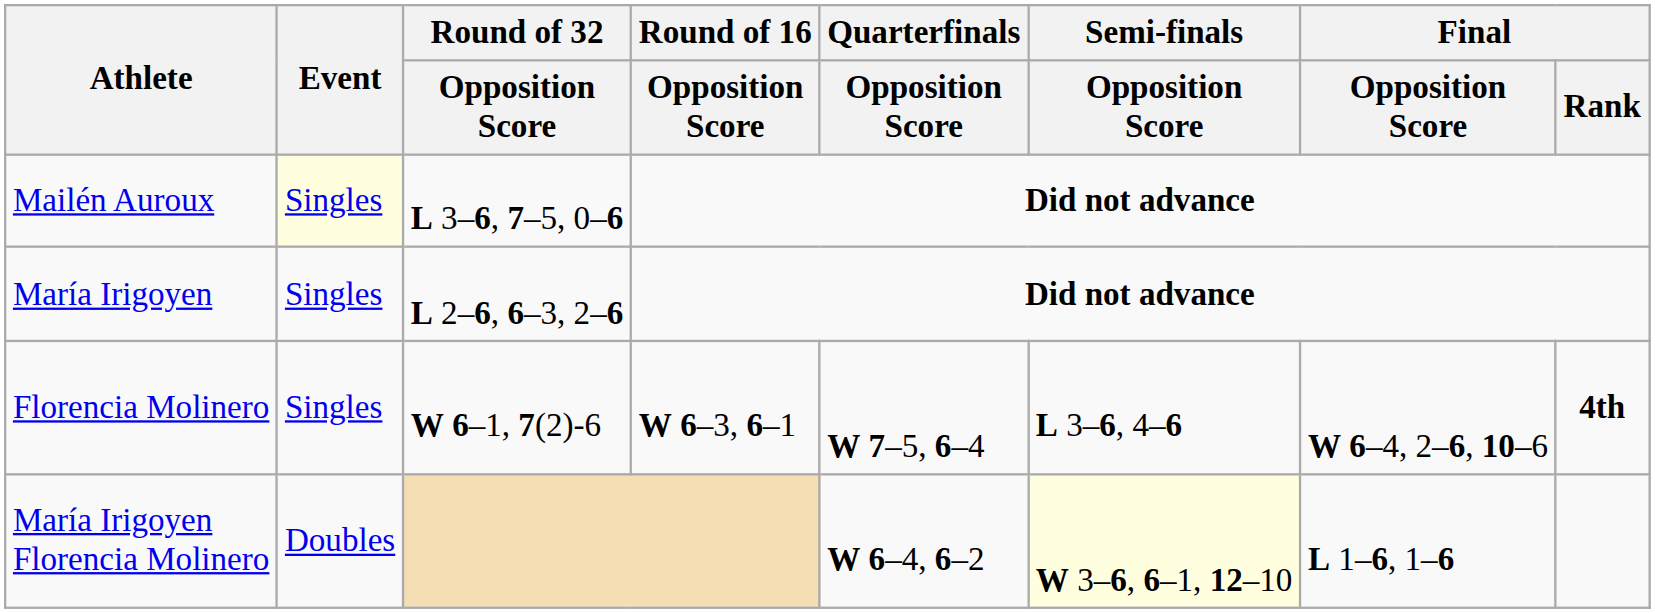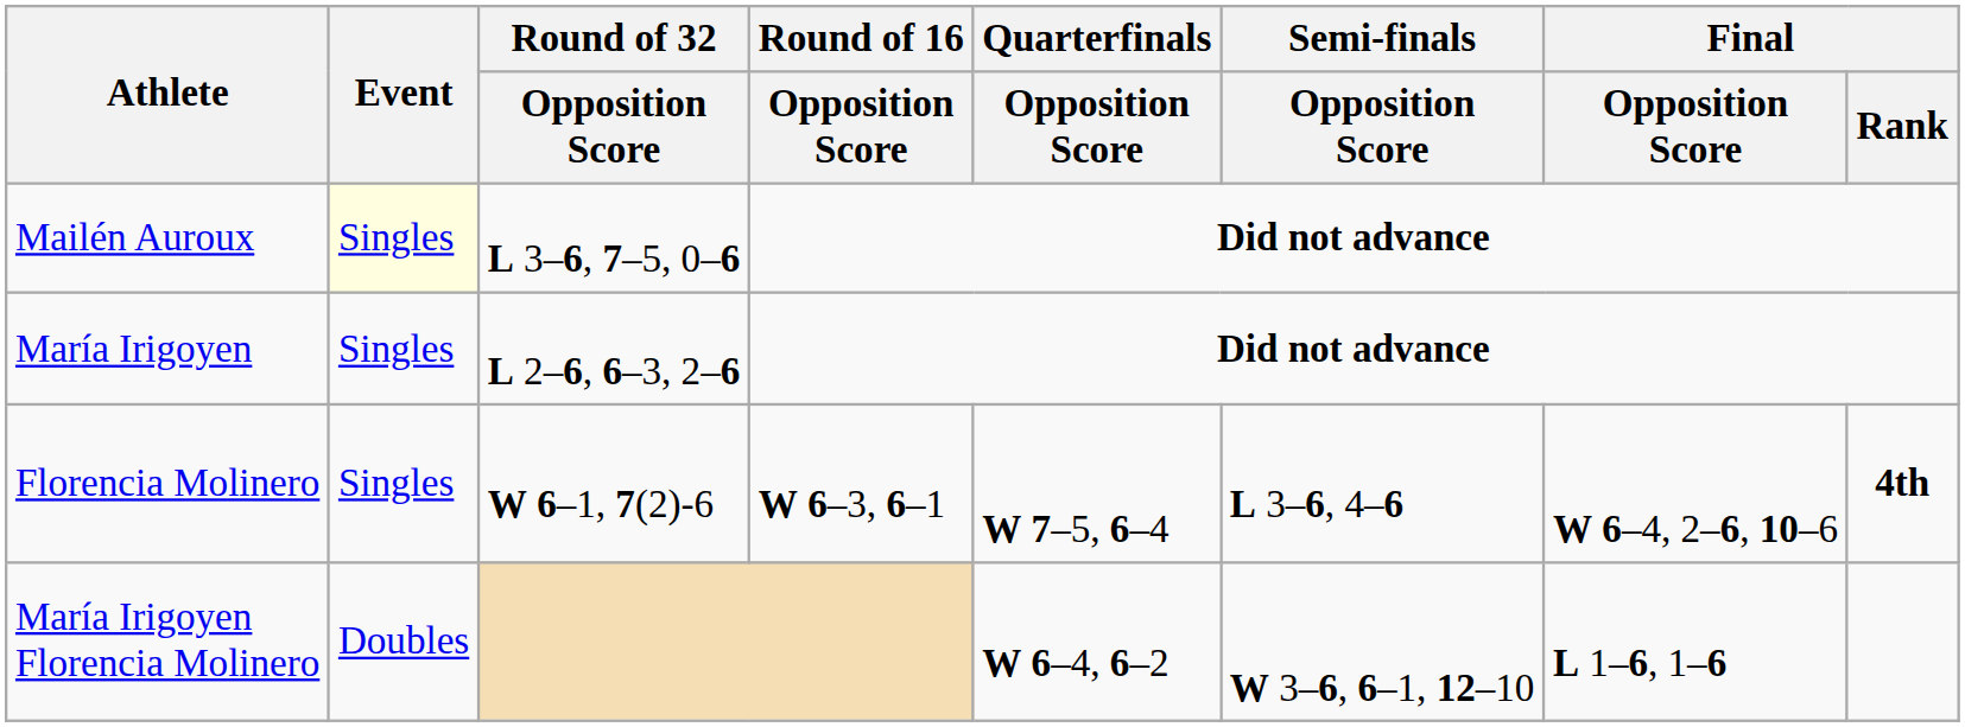 <table class="wikitable" border="1" style="font-size:90%">
 <tr>
 <th rowspan=2>Athlete</th>
 <th rowspan=2>Event</th>
 <th>Round of 32</th>
 <th>Round of 16</th>
 <th>Quarterfinals</th>
 <th>Semi-finals</th>
 <th colspan=2>Final</th>
 </tr>
 <tr>
 <th>Opposition<br>Score</th>
 <th>Opposition<br>Score</th>
 <th>Opposition<br>Score</th>
 <th>Opposition<br>Score</th>
 <th>Opposition<br>Score</th>
 <th>Rank</th>
 </tr>
 <tr>
 <td><a href='#'>Mailén Auroux</a></td>
 <td style="background: lightyellow;"><a href='#'>Singles</a></td>
 <td><br><strong>L</strong> 3–<strong>6</strong>, <strong>7</strong>–5, 0–<strong>6</strong></td>
 <td align="center" colspan="7"><strong>Did not advance</strong></td>
 </tr>
 <tr>
 <td><a href='#'>María Irigoyen</a></td>
 <td><a href='#'>Singles</a></td>
 <td><br><strong>L</strong> 2–<strong>6</strong>, <strong>6</strong>–3, 2–<strong>6</strong></td>
 <td align="center" colspan="7"><strong>Did not advance</strong></td>
 </tr>
 <tr>
 <td><a href='#'>Florencia Molinero</a></td>
 <td><a href='#'>Singles</a></td>
 <td><br><strong>W</strong> <strong>6</strong>–1, <strong>7</strong>(2)-6</td>
 <td><br><strong>W</strong> <strong>6</strong>–3, <strong>6</strong>–1</td>
 <td><br><br><strong>W</strong> <strong>7</strong>–5, <strong>6</strong>–4</td>
 <td><br><strong>L</strong> 3–<strong>6</strong>, 4–<strong>6</strong></td>
 <td><br><br><strong>W</strong> <strong>6</strong>–4, 2–<strong>6</strong>, <strong>10</strong>–6</td>
 <td align=center><strong>4th</strong></td>
 </tr>
 <tr>
 <td><a href='#'>María Irigoyen</a><br><a href='#'>Florencia Molinero</a></td>
 <td><a href='#'>Doubles</a></td>
 <td align=center colspan="2" bgcolor=wheat></td>
 <td><br><strong>W</strong> <strong>6</strong>–4, <strong>6</strong>–2</td>
-<td style="background: lightyellow;"><br><br><strong>W</strong> 3–<strong>6</strong>, <strong>6</strong>–1, <strong>12</strong>–10</td>
+<td><br><br><strong>W</strong> 3–<strong>6</strong>, <strong>6</strong>–1, <strong>12</strong>–10</td>
 <td><br><strong>L</strong> 1–<strong>6</strong>, 1–<strong>6</strong></td>
 <td align=center></td>
 </tr>
 </table>
